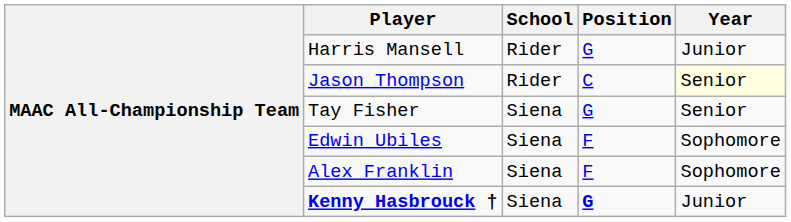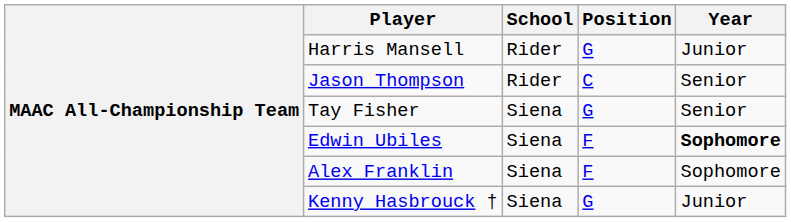 <table class="wikitable" border="1">
 <tr>
 <th rowspan=7 valign=middle>MAAC All-Championship Team</th>
 <th>Player</th>
 <th>School</th>
 <th>Position</th>
 <th>Year</th>
 </tr>
 <tr>
 <td>Harris Mansell</td>
 <td>Rider</td>
 <td><a href='#'>G</a></td>
 <td>Junior</td>
 </tr>
 <tr>
 <td><a href='#'>Jason Thompson</a></td>
 <td>Rider</td>
 <td><a href='#'>C</a></td>
-<td style="background: lightyellow;">Senior</td>
+<td>Senior</td>
 </tr>
 <tr>
 <td>Tay Fisher</td>
 <td>Siena</td>
 <td><a href='#'>G</a></td>
 <td>Senior</td>
 </tr>
 <tr>
 <td><a href='#'>Edwin Ubiles</a></td>
 <td>Siena</td>
 <td><a href='#'>F</a></td>
-<td>Sophomore</td>
+<td><strong>Sophomore</strong></td>
 </tr>
 <tr>
 <td><a href='#'>Alex Franklin</a></td>
 <td>Siena</td>
 <td><a href='#'>F</a></td>
 <td>Sophomore</td>
 </tr>
 <tr>
-<td><strong><a href='#'>Kenny Hasbrouck</a> †</strong></td>
+<td><a href='#'>Kenny Hasbrouck</a> †</td>
 <td>Siena</td>
-<td><strong><a href='#'>G</a></strong></td>
+<td><a href='#'>G</a></td>
 <td>Junior</td>
 </tr>
 </table>
